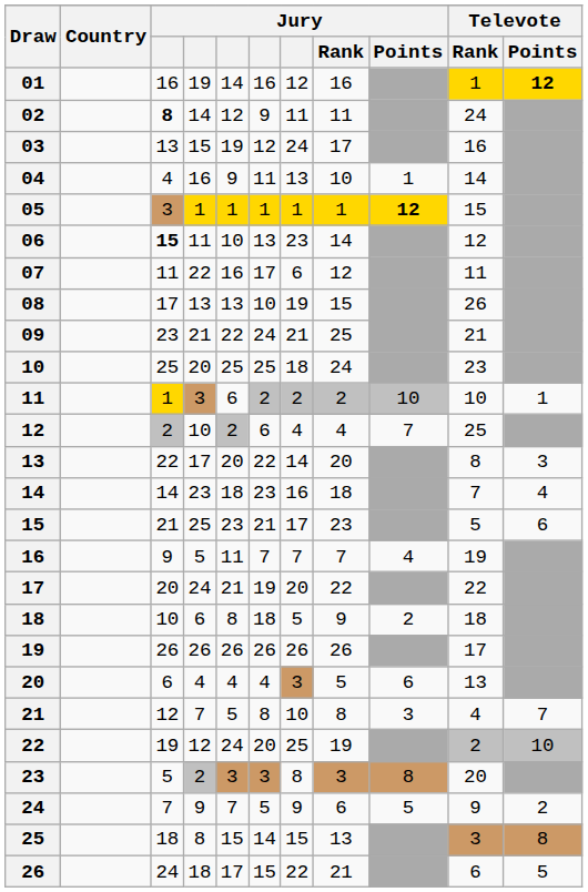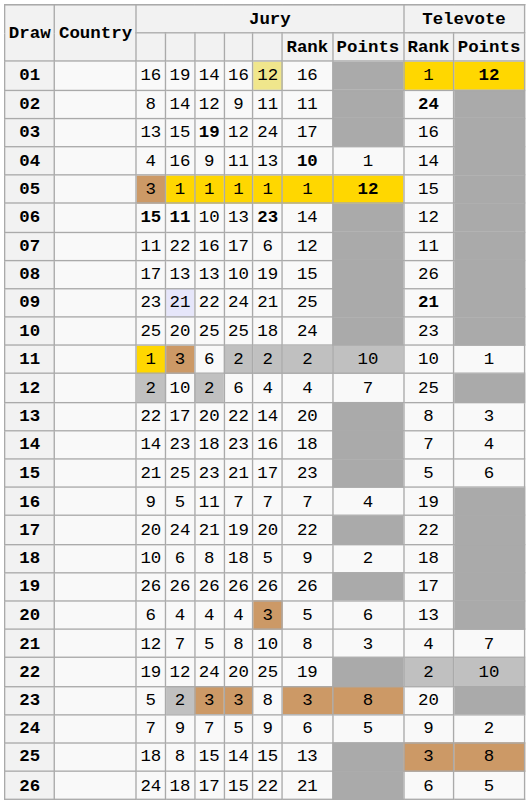 <table class="sortable wikitable collapsible plainrowheaders" style="text-align:center;">
 <tr>
 </tr>
 <tr>
 <th scope="col" rowspan="2">Draw</th>
 <th scope="col" rowspan="2">Country</th>
 <th scope="col" colspan="7">Jury</th>
 <th scope="col" colspan="2">Televote</th>
 </tr>
 <tr>
 <th scope="col"><small></small></th>
 <th scope="col"><small></small></th>
 <th scope="col"><small></small></th>
 <th scope="col"><small></small></th>
 <th scope="col"><small></small></th>
 <th scope="col">Rank</th>
 <th scope="col">Points</th>
 <th scope="col">Rank</th>
 <th scope="col">Points</th>
 </tr>
 <tr>
 <th scope="row" style="text-align:center;">01</th>
 <td style="text-align:left;"></td>
 <td>16</td>
 <td>19</td>
 <td>14</td>
 <td>16</td>
-<td>12</td>
+<td style="background: khaki;">12</td>
 <td>16</td>
 <td style="background:#AAAAAA;"></td>
 <td style="background:gold;">1</td>
 <td style="background:gold;"><strong>12</strong></td>
 </tr>
 <tr>
 <th scope="row" style="text-align:center;">02</th>
 <td style="text-align:left;"></td>
-<td><strong>8</strong></td>
+<td>8</td>
 <td>14</td>
 <td>12</td>
 <td>9</td>
 <td>11</td>
 <td>11</td>
 <td style="background:#AAAAAA;"></td>
-<td>24</td>
+<td><strong>24</strong></td>
 <td style="background:#AAAAAA;"></td>
 </tr>
 <tr>
 <th scope="row" style="text-align:center;">03</th>
 <td style="text-align:left;"></td>
 <td>13</td>
 <td>15</td>
-<td>19</td>
+<td><strong>19</strong></td>
 <td>12</td>
 <td>24</td>
 <td>17</td>
 <td style="background:#AAAAAA;"></td>
 <td>16</td>
 <td style="background:#AAAAAA;"></td>
 </tr>
 <tr>
 <th scope="row" style="text-align:center;">04</th>
 <td style="text-align:left;"></td>
 <td>4</td>
 <td>16</td>
 <td>9</td>
 <td>11</td>
 <td>13</td>
-<td>10</td>
+<td><strong>10</strong></td>
 <td>1</td>
 <td>14</td>
 <td style="background:#AAAAAA;"></td>
 </tr>
 <tr>
 <th scope="row" style="text-align:center;">05</th>
 <td style="text-align:left;"></td>
 <td style="background:#CC9966;">3</td>
 <td style="background:gold;">1</td>
 <td style="background:gold;">1</td>
 <td style="background:gold;">1</td>
 <td style="background:gold;">1</td>
 <td style="background:gold;">1</td>
 <td style="background:gold;"><strong>12</strong></td>
 <td>15</td>
 <td style="background:#AAAAAA;"></td>
 </tr>
 <tr>
 <th scope="row" style="text-align:center;">06</th>
 <td style="text-align:left;"></td>
 <td><strong>15</strong></td>
-<td>11</td>
+<td><strong>11</strong></td>
 <td>10</td>
 <td>13</td>
-<td>23</td>
+<td><strong>23</strong></td>
 <td>14</td>
 <td style="background:#AAAAAA;"></td>
 <td>12</td>
 <td style="background:#AAAAAA;"></td>
 </tr>
 <tr>
 <th scope="row" style="text-align:center;">07</th>
 <td style="text-align:left;"></td>
 <td>11</td>
 <td>22</td>
 <td>16</td>
 <td>17</td>
 <td>6</td>
 <td>12</td>
 <td style="background:#AAAAAA;"></td>
 <td>11</td>
 <td style="background:#AAAAAA;"></td>
 </tr>
 <tr>
 <th scope="row" style="text-align:center;">08</th>
 <td style="text-align:left;"></td>
 <td>17</td>
 <td>13</td>
 <td>13</td>
 <td>10</td>
 <td>19</td>
 <td>15</td>
 <td style="background:#AAAAAA;"></td>
 <td>26</td>
 <td style="background:#AAAAAA;"></td>
 </tr>
 <tr>
 <th scope="row" style="text-align:center;">09</th>
 <td style="text-align:left;"></td>
 <td>23</td>
-<td>21</td>
+<td style="background: lavender;">21</td>
 <td>22</td>
 <td>24</td>
 <td>21</td>
 <td>25</td>
 <td style="background:#AAAAAA;"></td>
-<td>21</td>
+<td><strong>21</strong></td>
 <td style="background:#AAAAAA;"></td>
 </tr>
 <tr>
 <th scope="row" style="text-align:center;">10</th>
 <td style="text-align:left;"></td>
 <td>25</td>
 <td>20</td>
 <td>25</td>
 <td>25</td>
 <td>18</td>
 <td>24</td>
 <td style="background:#AAAAAA;"></td>
 <td>23</td>
 <td style="background:#AAAAAA;"></td>
 </tr>
 <tr>
 <th scope="row" style="text-align:center;">11</th>
 <td style="text-align:left;"></td>
 <td style="background:gold;">1</td>
 <td style="background:#CC9966;">3</td>
 <td>6</td>
 <td style="background:silver;">2</td>
 <td style="background:silver;">2</td>
 <td style="background:silver;">2</td>
 <td style="background:silver;">10</td>
 <td>10</td>
 <td>1</td>
 </tr>
 <tr>
 <th scope="row" style="text-align:center;">12</th>
 <td style="text-align:left;"></td>
 <td style="background:silver;">2</td>
 <td>10</td>
 <td style="background:silver;">2</td>
 <td>6</td>
 <td>4</td>
 <td>4</td>
 <td>7</td>
 <td>25</td>
 <td style="background:#AAAAAA;"></td>
 </tr>
 <tr>
 <th scope="row" style="text-align:center;">13</th>
 <td style="text-align:left;"></td>
 <td>22</td>
 <td>17</td>
 <td>20</td>
 <td>22</td>
 <td>14</td>
 <td>20</td>
 <td style="background:#AAAAAA;"></td>
 <td>8</td>
 <td>3</td>
 </tr>
 <tr>
 <th scope="row" style="text-align:center;">14</th>
 <td style="text-align:left;"></td>
 <td>14</td>
 <td>23</td>
 <td>18</td>
 <td>23</td>
 <td>16</td>
 <td>18</td>
 <td style="background:#AAAAAA;"></td>
 <td>7</td>
 <td>4</td>
 </tr>
 <tr>
 <th scope="row" style="text-align:center;">15</th>
 <td style="text-align:left;"></td>
 <td>21</td>
 <td>25</td>
 <td>23</td>
 <td>21</td>
 <td>17</td>
 <td>23</td>
 <td style="background:#AAAAAA;"></td>
 <td>5</td>
 <td>6</td>
 </tr>
 <tr>
 <th scope="row" style="text-align:center;">16</th>
 <td style="text-align:left;"></td>
 <td>9</td>
 <td>5</td>
 <td>11</td>
 <td>7</td>
 <td>7</td>
 <td>7</td>
 <td>4</td>
 <td>19</td>
 <td style="background:#AAAAAA;"></td>
 </tr>
 <tr>
 <th scope="row" style="text-align:center;">17</th>
 <td style="text-align:left;"></td>
 <td>20</td>
 <td>24</td>
 <td>21</td>
 <td>19</td>
 <td>20</td>
 <td>22</td>
 <td style="background:#AAAAAA;"></td>
 <td>22</td>
 <td style="background:#AAAAAA;"></td>
 </tr>
 <tr>
 <th scope="row" style="text-align:center;">18</th>
 <td style="text-align:left;"></td>
 <td>10</td>
 <td>6</td>
 <td>8</td>
 <td>18</td>
 <td>5</td>
 <td>9</td>
 <td>2</td>
 <td>18</td>
 <td style="background:#AAAAAA;"></td>
 </tr>
 <tr>
 <th scope="row" style="text-align:center;">19</th>
 <td style="text-align:left;"></td>
 <td>26</td>
 <td>26</td>
 <td>26</td>
 <td>26</td>
 <td>26</td>
 <td>26</td>
 <td style="background:#AAAAAA;"></td>
 <td>17</td>
 <td style="background:#AAAAAA;"></td>
 </tr>
 <tr>
 <th scope="row" style="text-align:center;">20</th>
 <td style="text-align:left;"></td>
 <td>6</td>
 <td>4</td>
 <td>4</td>
 <td>4</td>
 <td style="background:#CC9966;">3</td>
 <td>5</td>
 <td>6</td>
 <td>13</td>
 <td style="background:#AAAAAA;"></td>
 </tr>
 <tr>
 <th scope="row" style="text-align:center;">21</th>
 <td style="text-align:left;"></td>
 <td>12</td>
 <td>7</td>
 <td>5</td>
 <td>8</td>
 <td>10</td>
 <td>8</td>
 <td>3</td>
 <td>4</td>
 <td>7</td>
 </tr>
 <tr>
 <th scope="row" style="text-align:center;">22</th>
 <td style="text-align:left;"></td>
 <td>19</td>
 <td>12</td>
 <td>24</td>
 <td>20</td>
 <td>25</td>
 <td>19</td>
 <td style="background:#AAAAAA;"></td>
 <td style="background:silver;">2</td>
 <td style="background:silver;">10</td>
 </tr>
 <tr>
 <th scope="row" style="text-align:center;">23</th>
 <td style="text-align:left;"></td>
 <td>5</td>
 <td style="background:silver;">2</td>
 <td style="background:#CC9966;">3</td>
 <td style="background:#CC9966;">3</td>
 <td>8</td>
 <td style="background:#CC9966;">3</td>
 <td style="background:#CC9966;">8</td>
 <td>20</td>
 <td style="background:#AAAAAA;"></td>
 </tr>
 <tr>
 <th scope="row" style="text-align:center;">24</th>
 <td style="text-align:left;"></td>
 <td>7</td>
 <td>9</td>
 <td>7</td>
 <td>5</td>
 <td>9</td>
 <td>6</td>
 <td>5</td>
 <td>9</td>
 <td>2</td>
 </tr>
 <tr>
 <th scope="row" style="text-align:center;">25</th>
 <td style="text-align:left;"></td>
 <td>18</td>
 <td>8</td>
 <td>15</td>
 <td>14</td>
 <td>15</td>
 <td>13</td>
 <td style="background:#AAAAAA;"></td>
 <td style="background:#CC9966;">3</td>
 <td style="background:#CC9966;">8</td>
 </tr>
 <tr>
 <th scope="row" style="text-align:center;">26</th>
 <td style="text-align:left;"></td>
 <td>24</td>
 <td>18</td>
 <td>17</td>
 <td>15</td>
 <td>22</td>
 <td>21</td>
 <td style="background:#AAAAAA;"></td>
 <td>6</td>
 <td>5</td>
 </tr>
 </table>
